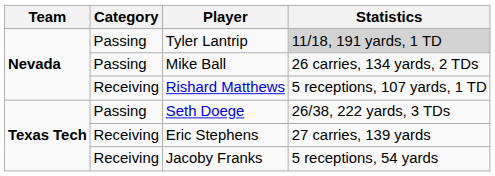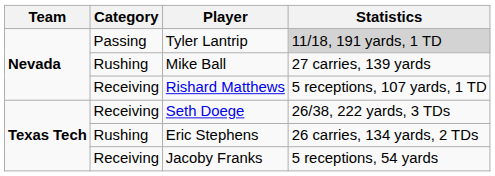 <table class="wikitable" style="float: left;">
 <tr>
 <th>Team</th>
 <th>Category</th>
 <th>Player</th>
 <th>Statistics</th>
 </tr>
 <tr>
 <td rowspan=3><strong>Nevada</strong></td>
 <td>Passing</td>
 <td>Tyler Lantrip</td>
 <td style="background: lightgrey;">11/18, 191 yards, 1 TD</td>
 </tr>
 <tr>
-<td>Passing</td>
+<td>Rushing</td>
 <td>Mike Ball</td>
-<td>26 carries, 134 yards, 2 TDs</td>
+<td>27 carries, 139 yards</td>
 </tr>
 <tr>
 <td>Receiving</td>
 <td><a href='#'>Rishard Matthews</a></td>
 <td>5 receptions, 107 yards, 1 TD</td>
 </tr>
 <tr>
 <td rowspan=3><strong>Texas Tech</strong></td>
-<td>Passing</td>
+<td>Receiving</td>
 <td><a href='#'>Seth Doege</a></td>
 <td>26/38, 222 yards, 3 TDs</td>
 </tr>
 <tr>
-<td>Receiving</td>
+<td>Rushing</td>
 <td>Eric Stephens</td>
-<td>27 carries, 139 yards</td>
+<td>26 carries, 134 yards, 2 TDs</td>
 </tr>
 <tr>
 <td>Receiving</td>
 <td>Jacoby Franks</td>
 <td>5 receptions, 54 yards</td>
 </tr>
 </table>
